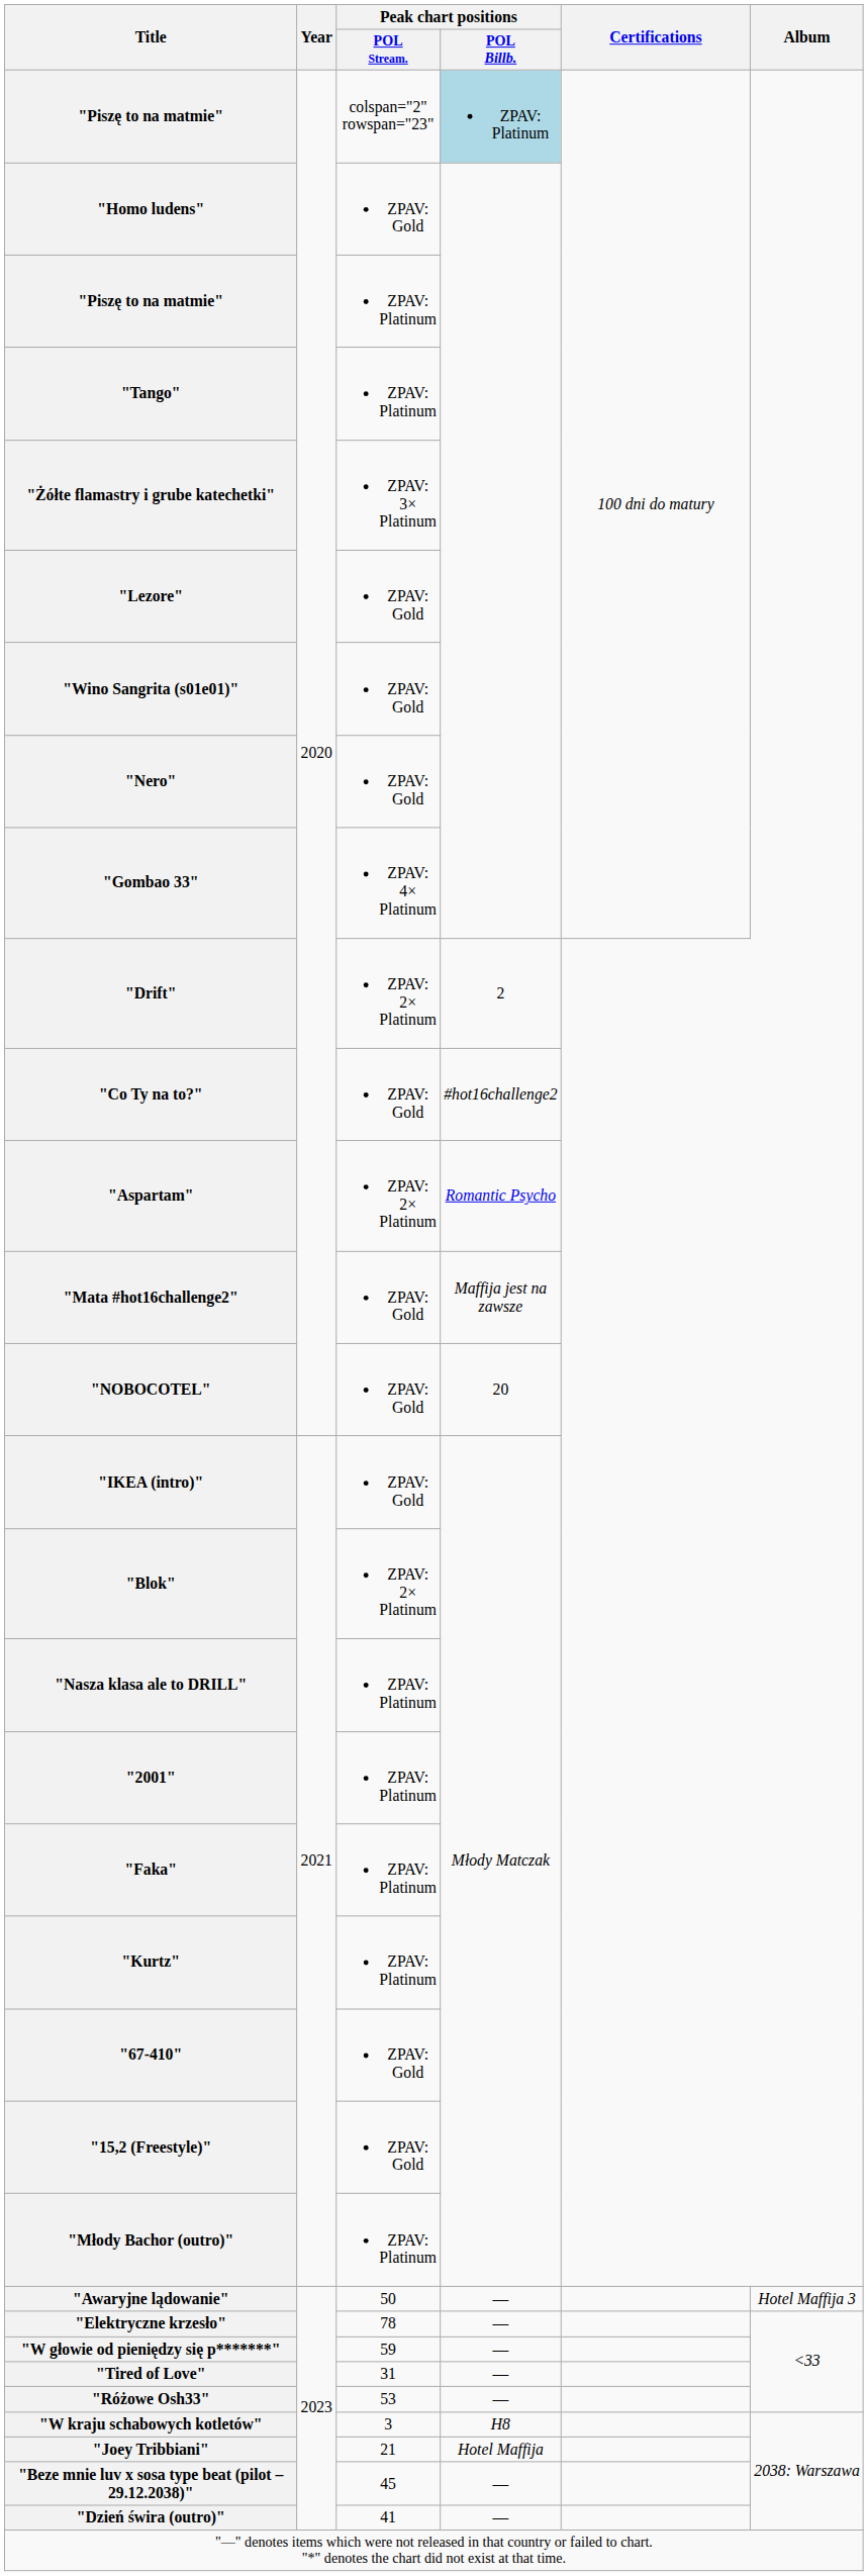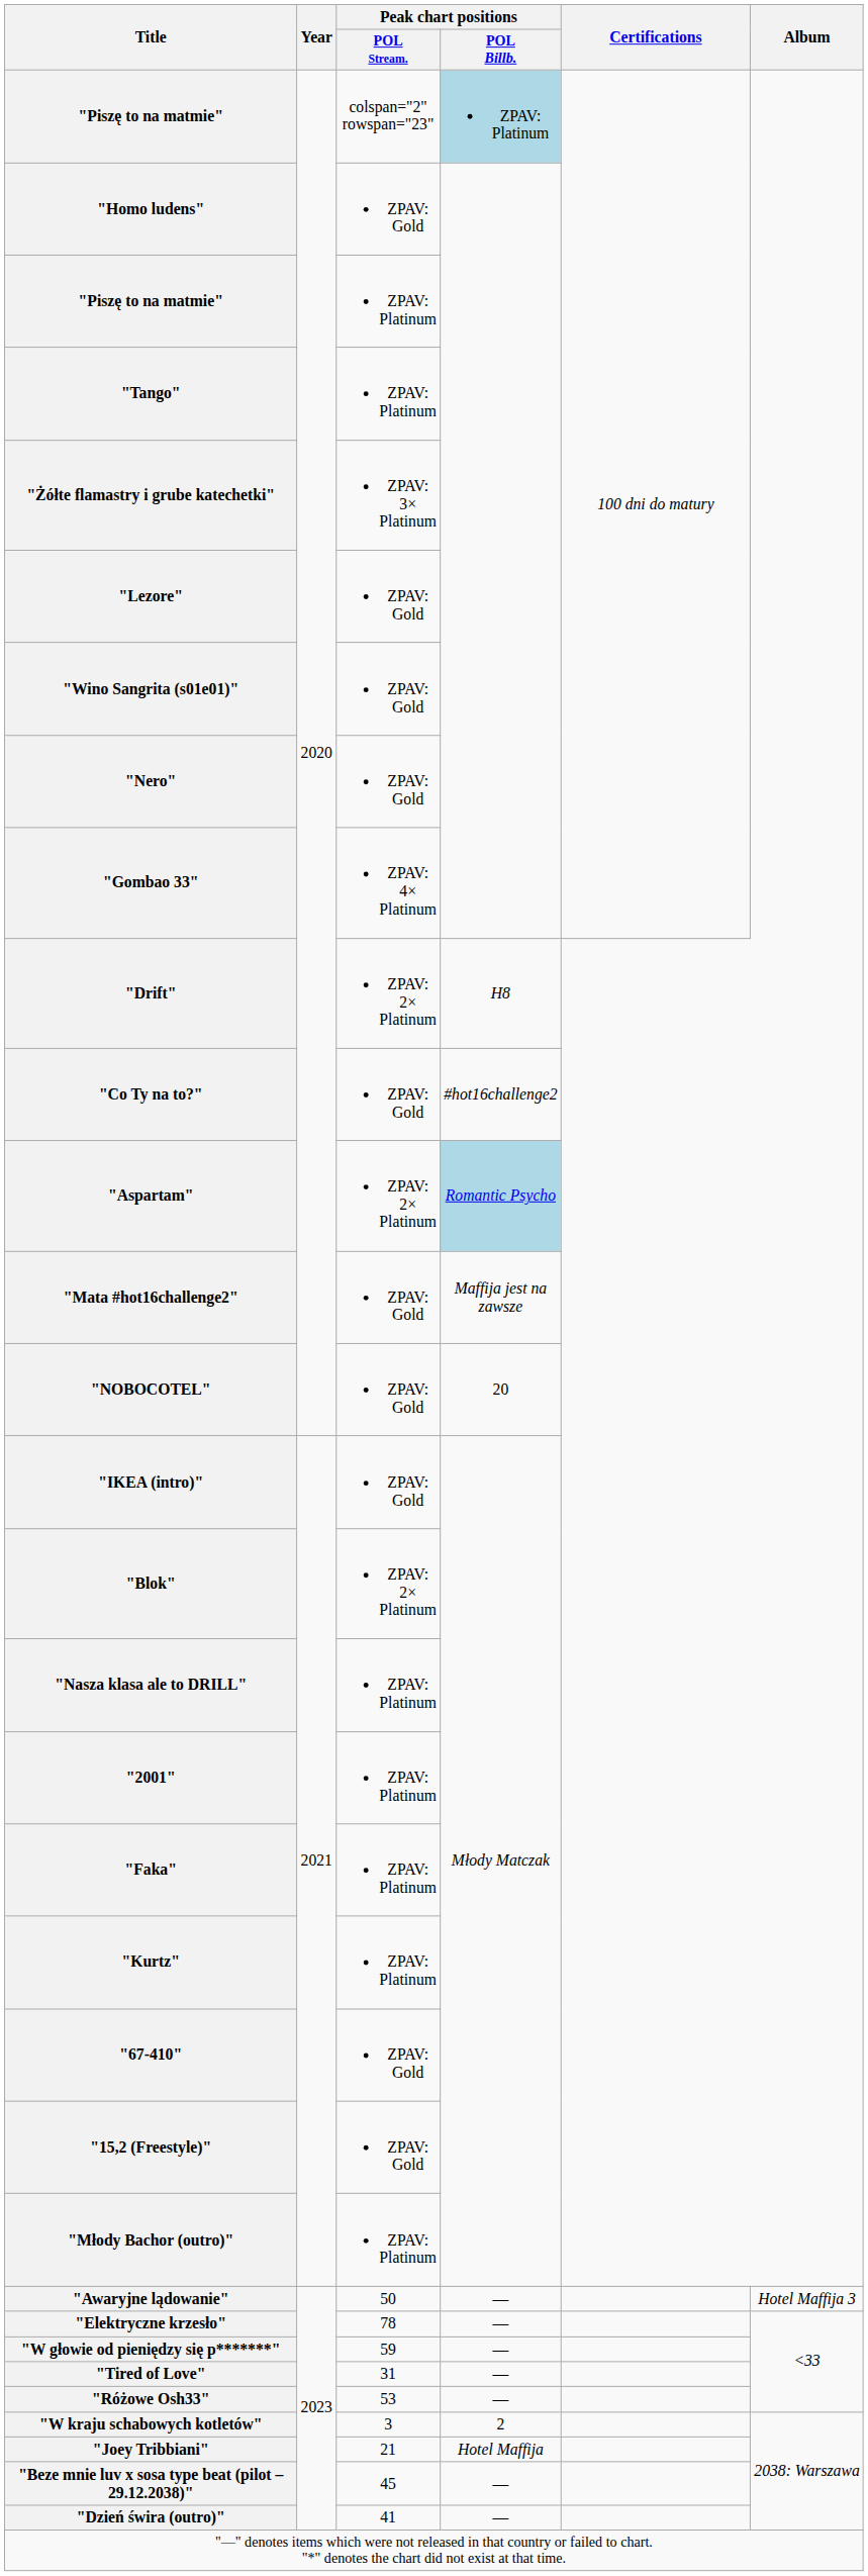 <table class="wikitable plainrowheaders" style="text-align:center;">
 <tr>
 <th scope="col" rowspan="2" style="width:18em;">Title</th>
 <th scope="col" rowspan="2" style="width:1em;">Year</th>
 <th scope="col" colspan="2">Peak chart positions</th>
 <th scope="col" rowspan="2" style="width:11.5em;"><a href='#'>Certifications</a></th>
 <th scope="col" rowspan="2">Album</th>
 </tr>
 <tr>
 <th style="width:3em;font-size:90%"><a href='#'>POL<br><small>Stream.</small></a><br></th>
 <th style="width:3em;font-size:90%"><a href='#'>POL<br><em>Billb.</em></a><br></th>
 </tr>
 <tr>
 <th scope="row">"Piszę to na matmie"</th>
 <td rowspan="14">2020</td>
 <td>colspan="2" rowspan="23" </td>
 <td style="background: lightblue;"><br><ul><li>ZPAV: Platinum</li></ul></td>
 <td rowspan="9"><em>100 dni do matury</em></td>
 </tr>
 <tr>
 <th scope="row">"Homo ludens"</th>
 <td><br><ul><li>ZPAV: Gold</li></ul></td>
 </tr>
 <tr>
 <th scope="row">"Piszę to na matmie"</th>
 <td><br><ul><li>ZPAV: Platinum</li></ul></td>
 </tr>
 <tr>
 <th scope="row">"Tango"</th>
 <td><br><ul><li>ZPAV: Platinum</li></ul></td>
 </tr>
 <tr>
 <th scope="row">"Żółte flamastry i grube katechetki"</th>
 <td><br><ul><li>ZPAV: 3× Platinum</li></ul></td>
 </tr>
 <tr>
 <th scope="row">"Lezore"</th>
 <td><br><ul><li>ZPAV: Gold</li></ul></td>
 </tr>
 <tr>
 <th scope="row">"Wino Sangrita (s01e01)"</th>
 <td><br><ul><li>ZPAV: Gold</li></ul></td>
 </tr>
 <tr>
 <th scope="row">"Nero"</th>
 <td><br><ul><li>ZPAV: Gold</li></ul></td>
 </tr>
 <tr>
 <th scope="row">"Gombao 33"<br></th>
 <td><br><ul><li>ZPAV: 4× Platinum</li></ul></td>
 </tr>
 <tr>
 <th scope="row">"Drift"<br></th>
 <td><br><ul><li>ZPAV: 2× Platinum</li></ul></td>
-<td>2</td>
+<td><em>H8</em></td>
 </tr>
 <tr>
 <th scope="row">"Co Ty na to?"<br></th>
 <td><br><ul><li>ZPAV: Gold</li></ul></td>
 <td><em>#hot16challenge2</em></td>
 </tr>
 <tr>
 <th scope="row">"Aspartam"<br></th>
 <td><br><ul><li>ZPAV: 2× Platinum</li></ul></td>
-<td><em><a href='#'>Romantic Psycho</a></em></td>
+<td style="background: lightblue;"><em><a href='#'>Romantic Psycho</a></em></td>
 </tr>
 <tr>
 <th scope="row">"Mata #hot16challenge2"</th>
 <td><br><ul><li>ZPAV: Gold</li></ul></td>
 <td><em>Maffija jest na zawsze</em></td>
 </tr>
 <tr>
 <th scope="row">"NOBOCOTEL"<br></th>
 <td><br><ul><li>ZPAV: Gold</li></ul></td>
 <td>20</td>
 </tr>
 <tr>
 <th scope="row">"IKEA (intro)"</th>
 <td rowspan="9">2021</td>
 <td><br><ul><li>ZPAV: Gold</li></ul></td>
 <td rowspan="9"><em>Młody Matczak</em></td>
 </tr>
 <tr>
 <th scope="row">"Blok"<br></th>
 <td><br><ul><li>ZPAV: 2× Platinum</li></ul></td>
 </tr>
 <tr>
 <th scope="row">"Nasza klasa ale to DRILL"</th>
 <td><br><ul><li>ZPAV: Platinum</li></ul></td>
 </tr>
 <tr>
 <th scope="row">"2001"</th>
 <td><br><ul><li>ZPAV: Platinum</li></ul></td>
 </tr>
 <tr>
 <th scope="row">"Faka"</th>
 <td><br><ul><li>ZPAV: Platinum</li></ul></td>
 </tr>
 <tr>
 <th scope="row">"Kurtz"<br></th>
 <td><br><ul><li>ZPAV: Platinum</li></ul></td>
 </tr>
 <tr>
 <th scope="row">"67-410"</th>
 <td><br><ul><li>ZPAV: Gold</li></ul></td>
 </tr>
 <tr>
 <th scope="row">"15,2 (Freestyle)"</th>
 <td><br><ul><li>ZPAV: Gold</li></ul></td>
 </tr>
 <tr>
 <th scope="row">"Młody Bachor (outro)"<br></th>
 <td><br><ul><li>ZPAV: Platinum</li></ul></td>
 </tr>
 <tr>
 <th scope="row">"Awaryjne lądowanie"<br></th>
 <td rowspan="9">2023</td>
 <td>50</td>
 <td>—</td>
 <td></td>
 <td><em>Hotel Maffija 3</em></td>
 </tr>
 <tr>
 <th scope="row">"Elektryczne krzesło"</th>
 <td>78</td>
 <td>—</td>
 <td></td>
 <td rowspan="4"><em><33</em></td>
 </tr>
 <tr>
 <th scope="row">"W głowie od pieniędzy się p*******"</th>
 <td>59</td>
 <td>—</td>
 <td></td>
 </tr>
 <tr>
 <th scope="row">"Tired of Love"</th>
 <td>31</td>
 <td>—</td>
 <td></td>
 </tr>
 <tr>
 <th scope="row">"Różowe Osh33"</th>
 <td>53</td>
 <td>—</td>
 <td></td>
 </tr>
 <tr>
 <th scope="row">"W kraju schabowych kotletów"</th>
 <td>3</td>
-<td><em>H8</em></td>
+<td>2</td>
 <td></td>
 <td rowspan="4"><em>2038: Warszawa</em></td>
 </tr>
 <tr>
 <th scope="row">"Joey Tribbiani"</th>
 <td>21</td>
 <td><em>Hotel Maffija</em></td>
 <td></td>
 </tr>
 <tr>
 <th scope="row">"Beze mnie luv x sosa type beat (pilot – 29.12.2038)"</th>
 <td>45</td>
 <td>—</td>
 <td></td>
 </tr>
 <tr>
 <th scope="row">"Dzień świra (outro)"</th>
 <td>41</td>
 <td>—</td>
 <td></td>
 </tr>
 <tr>
 <td colspan="6" style="font-size:90%;">"—" denotes items which were not released in that country or failed to chart.<br>"*" denotes the chart did not exist at that time.</td>
 </tr>
 </table>
